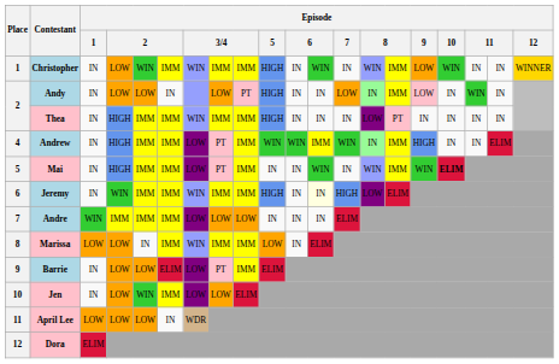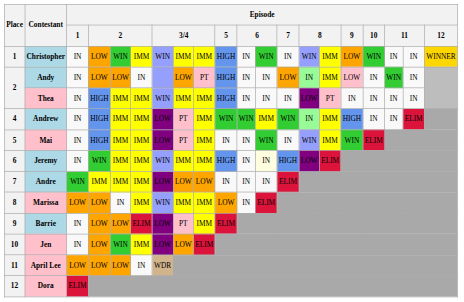 <table class="wikitable" style="text-align: center; font-size: 8pt; line-height:25px;">
 <tr>
 <th rowspan="2">Place</th>
 <th rowspan="2">Contestant</th>
 <th colspan="18">Episode</th>
 </tr>
 <tr>
 <th>1</th>
 <th colspan="3">2</th>
 <th colspan="3">3/4</th>
 <th>5</th>
 <th colspan="2">6</th>
 <th>7</th>
 <th colspan="2">8</th>
 <th>9</th>
 <th colspan="1">10</th>
 <th colspan="2">11</th>
 <th>12</th>
 </tr>
 <tr>
 <th>1</th>
 <th style="background:lightblue;">Christopher</th>
 <td>IN</td>
 <td style="background:orange;">LOW</td>
 <td style="background:limegreen;">WIN</td>
 <td style="background:yellow;">IMM</td>
 <td style="background:#959FFD;">WIN</td>
 <td style="background:yellow;">IMM</td>
 <td style="background:yellow;">IMM</td>
 <td style="background:cornflowerblue;">HIGH</td>
 <td>IN</td>
 <td style="background:limegreen;">WIN</td>
 <td>IN</td>
 <td style="background:#959FFD;">WIN</td>
 <td style="background:yellow;">IMM</td>
 <td style="background:orange;">LOW</td>
 <td style="background:limegreen;">WIN</td>
 <td>IN</td>
 <td>IN</td>
 <td style="background:gold;">WINNER</td>
 </tr>
 <tr>
 <th rowspan="2">2</th>
 <th style="background:lightblue;">Andy</th>
 <td>IN</td>
 <td style="background:orange;">LOW</td>
 <td style="background:orange;">LOW</td>
 <td>IN</td>
 <td style="background:#959FFD;"></td>
 <td style="background:orange;">LOW</td>
 <td style="background:pink;">PT</td>
 <td style="background:cornflowerblue;">HIGH</td>
 <td>IN</td>
 <td>IN</td>
 <td style="background:orange;">LOW</td>
 <td style="background:palegreen;">IN</td>
 <td style="background:yellow;">IMM</td>
 <td style="background:pink;">LOW</td>
 <td>IN</td>
 <td style="background:limegreen;">WIN</td>
 <td>IN</td>
 <td style="background:#bdbdbd;" rowspan="2"></td>
 </tr>
 <tr>
 <th style="background:pink;">Thea</th>
 <td>IN</td>
 <td style="background:cornflowerblue;">HIGH</td>
 <td style="background:yellow;">IMM</td>
 <td style="background:yellow;">IMM</td>
 <td style="background:#959FFD;">WIN</td>
 <td style="background:yellow;">IMM</td>
 <td style="background:yellow;">IMM</td>
 <td style="background:cornflowerblue;">HIGH</td>
 <td>IN</td>
 <td>IN</td>
 <td>IN</td>
 <td style="background:purple;">LOW</td>
 <td style="background:pink;">PT</td>
 <td>IN</td>
 <td>IN</td>
 <td>IN</td>
 <td>IN</td>
 </tr>
 <tr>
 <th>4</th>
 <th style="background:lightblue;">Andrew</th>
 <td>IN</td>
 <td style="background:cornflowerblue;">HIGH</td>
 <td style="background:yellow;">IMM</td>
 <td style="background:yellow;">IMM</td>
 <td style="background:purple;">LOW</td>
 <td style="background:pink;">PT</td>
 <td style="background:yellow;">IMM</td>
 <td style="background:limegreen;">WIN</td>
 <td style="background:limegreen;">WIN</td>
 <td style="background:yellow;">IMM</td>
 <td style="background:limegreen;">WIN</td>
 <td style="background:palegreen;">IN</td>
 <td style="background:yellow;">IMM</td>
 <td style="background:cornflowerblue;">HIGH</td>
 <td>IN</td>
 <td>IN</td>
 <td style="background:crimson;">ELIM</td>
 <td style="background:darkgrey;"></td>
 </tr>
 <tr>
 <th>5</th>
 <th style="background:pink;">Mai</th>
 <td>IN</td>
 <td style="background:cornflowerblue;">HIGH</td>
 <td style="background:yellow;">IMM</td>
 <td style="background:yellow;">IMM</td>
 <td style="background:purple;">LOW</td>
 <td style="background:pink;">PT</td>
 <td style="background:yellow;">IMM</td>
 <td>IN</td>
 <td>IN</td>
 <td style="background:limegreen;">WIN</td>
 <td>IN</td>
 <td style="background:#959FFD;">WIN</td>
 <td style="background:yellow;">IMM</td>
 <td style="background:limegreen;">WIN</td>
-<td style="background:crimson;"><strong>ELIM</strong></td>
+<td style="background:crimson;">ELIM</td>
 <td colspan="3" style="background:darkgrey;"></td>
 </tr>
 <tr>
 <th>6</th>
 <th style="background:lightblue;">Jeremy</th>
 <td>IN</td>
 <td style="background:limegreen;">WIN</td>
 <td style="background:yellow;">IMM</td>
 <td style="background:yellow;">IMM</td>
 <td style="background:#959FFD;">WIN</td>
 <td style="background:yellow;">IMM</td>
 <td style="background:yellow;">IMM</td>
 <td style="background:cornflowerblue;">HIGH</td>
 <td>IN</td>
 <td style="background: lightyellow;">IN</td>
 <td style="background:cornflowerblue;">HIGH</td>
 <td style="background:purple;">LOW</td>
 <td style="background:crimson;">ELIM</td>
 <td colspan="5" style="background:darkgrey;"></td>
 </tr>
 <tr>
 <th>7</th>
 <th style="background:lightblue;">Andre</th>
 <td style="background:limegreen;">WIN</td>
 <td style="background:yellow;">IMM</td>
 <td style="background:yellow;">IMM</td>
 <td style="background:yellow;">IMM</td>
 <td style="background:purple;">LOW</td>
 <td style="background:orange;">LOW</td>
 <td style="background:orange;">LOW</td>
 <td>IN</td>
 <td>IN</td>
 <td>IN</td>
 <td style="background:crimson;">ELIM</td>
 <td colspan="7" style="background:darkgrey;"></td>
 </tr>
 <tr>
 <th>8</th>
 <th style="background:pink;">Marissa</th>
 <td style="background:orange;">LOW</td>
 <td style="background:orange;">LOW</td>
 <td>IN</td>
 <td style="background:yellow;">IMM</td>
 <td style="background:#959FFD;">WIN</td>
 <td style="background:yellow;">IMM</td>
 <td style="background:yellow;">IMM</td>
 <td style="background:orange;">LOW</td>
 <td>IN</td>
 <td style="background:crimson;">ELIM</td>
 <td colspan="8" style="background:darkgrey;"></td>
 </tr>
 <tr>
 <th>9</th>
 <th style="background:lightblue;">Barrie</th>
 <td>IN</td>
 <td style="background:orange;">LOW</td>
 <td style="background:orange;">LOW</td>
 <td style="background:crimson;">ELIM</td>
 <td style="background:purple;">LOW</td>
 <td style="background:pink;">PT</td>
 <td style="background:yellow;">IMM</td>
 <td style="background:crimson;">ELIM</td>
 <td colspan="10" style="background:darkgrey;"></td>
 </tr>
 <tr>
 <th>10</th>
 <th style="background:pink;">Jen</th>
 <td>IN</td>
 <td style="background:orange;">LOW</td>
 <td style="background:limegreen;">WIN</td>
 <td style="background:yellow;">IMM</td>
 <td style="background:purple;">LOW</td>
 <td style="background:orange;">LOW</td>
 <td style="background:crimson;">ELIM</td>
 <td colspan="11" style="background:darkgrey;"></td>
 </tr>
 <tr>
 <th>11</th>
 <th style="background:pink;">April Lee</th>
 <td style="background:orange;">LOW</td>
 <td style="background:orange;">LOW</td>
 <td style="background:orange;">LOW</td>
 <td>IN</td>
 <td style="background:tan;">WDR</td>
 <td colspan="13" style="background:darkgrey;"></td>
 </tr>
 <tr>
 <th>12</th>
 <th style="background:pink;">Dora</th>
 <td style="background:crimson;">ELIM</td>
 <td colspan="17" style="background:darkgrey;"></td>
 </tr>
 </table>
